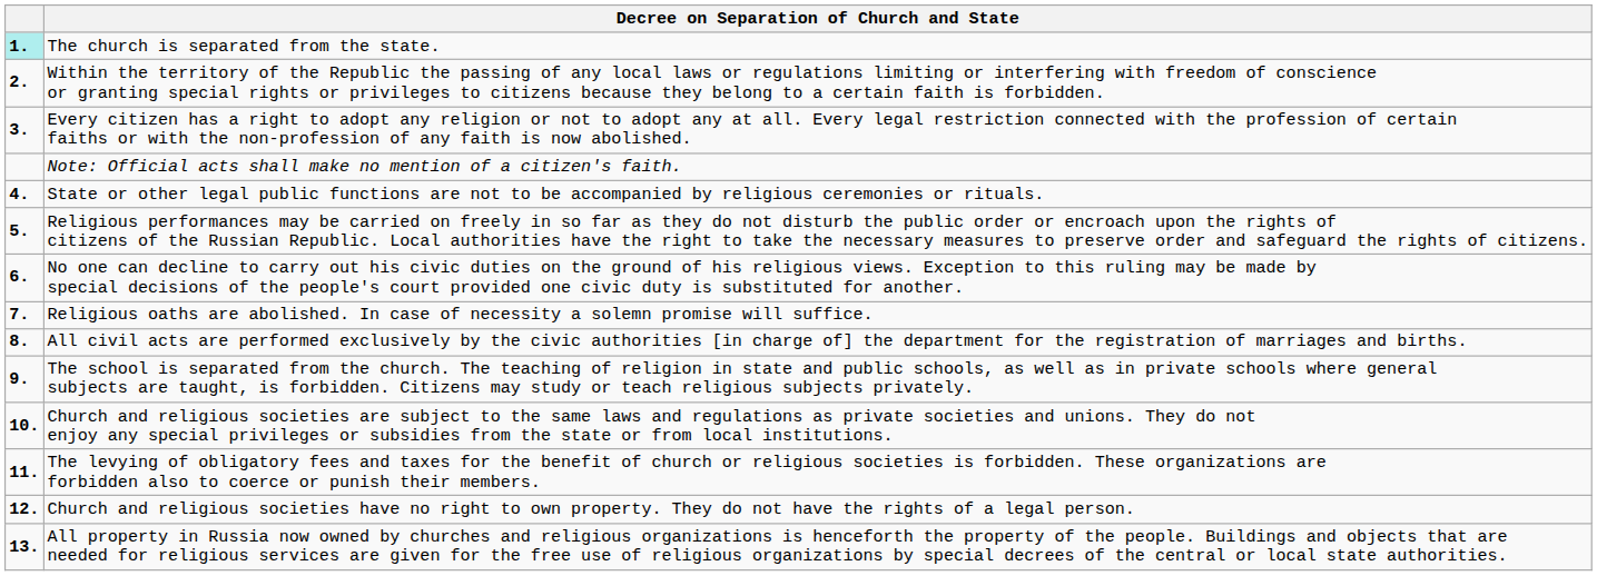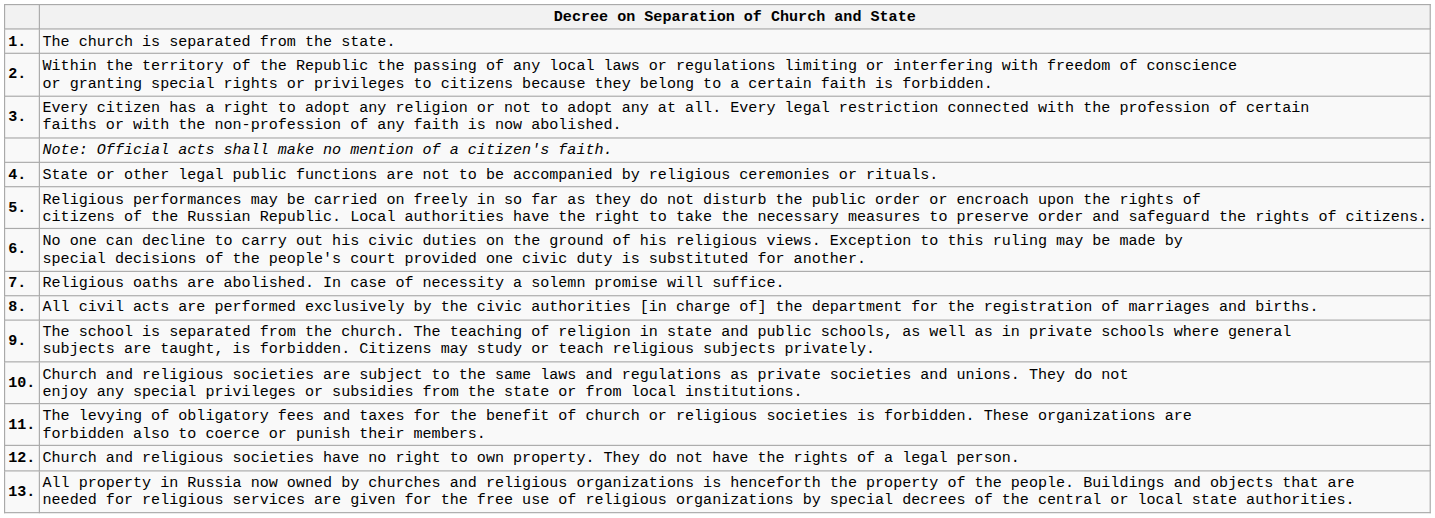 <table class="wikitable">
 <tr>
 <th></th>
 <th>Decree on Separation of Church and State</th>
 </tr>
 <tr>
-<td style="background: paleturquoise;"><strong>1.</strong></td>
+<td><strong>1.</strong></td>
 <td>The church is separated from the state.</td>
 </tr>
 <tr>
 <td><strong>2.</strong></td>
 <td>Within the territory of the Republic the passing of any local laws or regulations limiting or interfering with freedom of conscience<br>or granting special rights or privileges to citizens because they belong to a certain faith is forbidden.</td>
 </tr>
 <tr>
 <td><strong>3.</strong></td>
 <td>Every citizen has a right to adopt any religion or not to adopt any at all. Every legal restriction connected with the profession of certain<br>faiths or with the non-profession of any faith is now abolished.</td>
 </tr>
 <tr>
 <td></td>
 <td><em>Note: Official acts shall make no mention of a citizen's faith.</em></td>
 </tr>
 <tr>
 <td><strong>4.</strong></td>
 <td>State or other legal public functions are not to be accompanied by religious ceremonies or rituals.</td>
 </tr>
 <tr>
 <td><strong>5.</strong></td>
 <td>Religious performances may be carried on freely in so far as they do not disturb the public order or encroach upon the rights of<br>citizens of the Russian Republic. Local authorities have the right to take the necessary measures to preserve order and safeguard the rights of citizens.</td>
 </tr>
 <tr>
 <td><strong>6.</strong></td>
 <td>No one can decline to carry out his civic duties on the ground of his religious views. Exception to this ruling may be made by<br>special decisions of the people's court provided one civic duty is substituted for another.</td>
 </tr>
 <tr>
 <td><strong>7.</strong></td>
 <td>Religious oaths are abolished. In case of necessity a solemn promise will suffice.</td>
 </tr>
 <tr>
 <td><strong>8.</strong></td>
 <td>All civil acts are performed exclusively by the civic authorities [in charge of] the department for the registration of marriages and births.</td>
 </tr>
 <tr>
 <td><strong>9.</strong></td>
 <td>The school is separated from the church. The teaching of religion in state and public schools, as well as in private schools where general<br>subjects are taught, is forbidden. Citizens may study or teach religious subjects privately.</td>
 </tr>
 <tr>
 <td><strong>10.</strong></td>
 <td>Church and religious societies are subject to the same laws and regulations as private societies and unions. They do not<br>enjoy any special privileges or subsidies from the state or from local institutions.</td>
 </tr>
 <tr>
 <td><strong>11.</strong></td>
 <td>The levying of obligatory fees and taxes for the benefit of church or religious societies is forbidden. These organizations are<br>forbidden also to coerce or punish their members.</td>
 </tr>
 <tr>
 <td><strong>12.</strong></td>
 <td>Church and religious societies have no right to own property. They do not have the rights of a legal person.</td>
 </tr>
 <tr>
 <td><strong>13.</strong></td>
 <td>All property in Russia now owned by churches and religious organizations is henceforth the property of the people. Buildings and objects that are<br>needed for religious services are given for the free use of religious organizations by special decrees of the central or local state authorities.</td>
 </tr>
 </table>
